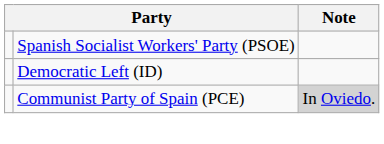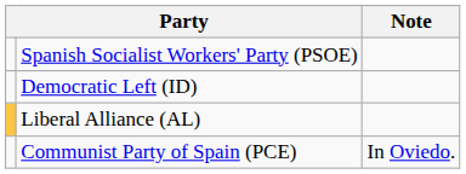 <table class="wikitable" style="text-align:left;">
 <tr>
 <th colspan="2">Party</th>
 <th>Note</th>
 </tr>
 <tr>
 <td width="1"></td>
 <td><a href='#'>Spanish Socialist Workers' Party</a> (PSOE)</td>
 <td></td>
 </tr>
 <tr>
 <td></td>
 <td><a href='#'>Democratic Left</a> (ID)</td>
 <td></td>
 </tr>
 <tr>
+<td bgcolor="#FFC640"></td>
+<td>Liberal Alliance (AL)</td>
+<td></td>
+</tr>
+<tr>
 <td></td>
 <td><a href='#'>Communist Party of Spain</a> (PCE)</td>
-<td style="background: lightgrey;">In <a href='#'>Oviedo</a>.</td>
+<td>In <a href='#'>Oviedo</a>.</td>
 </tr>
 </table>
